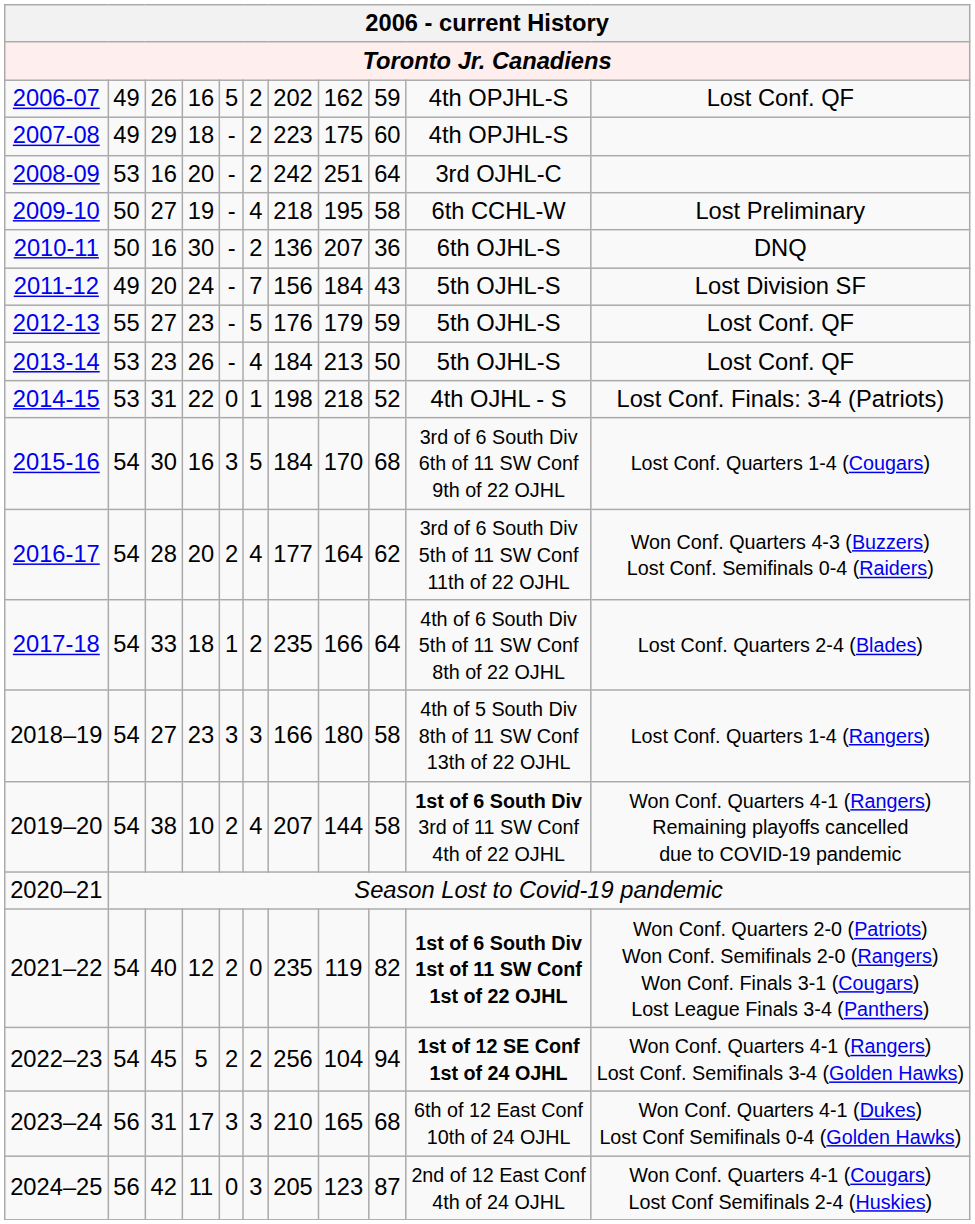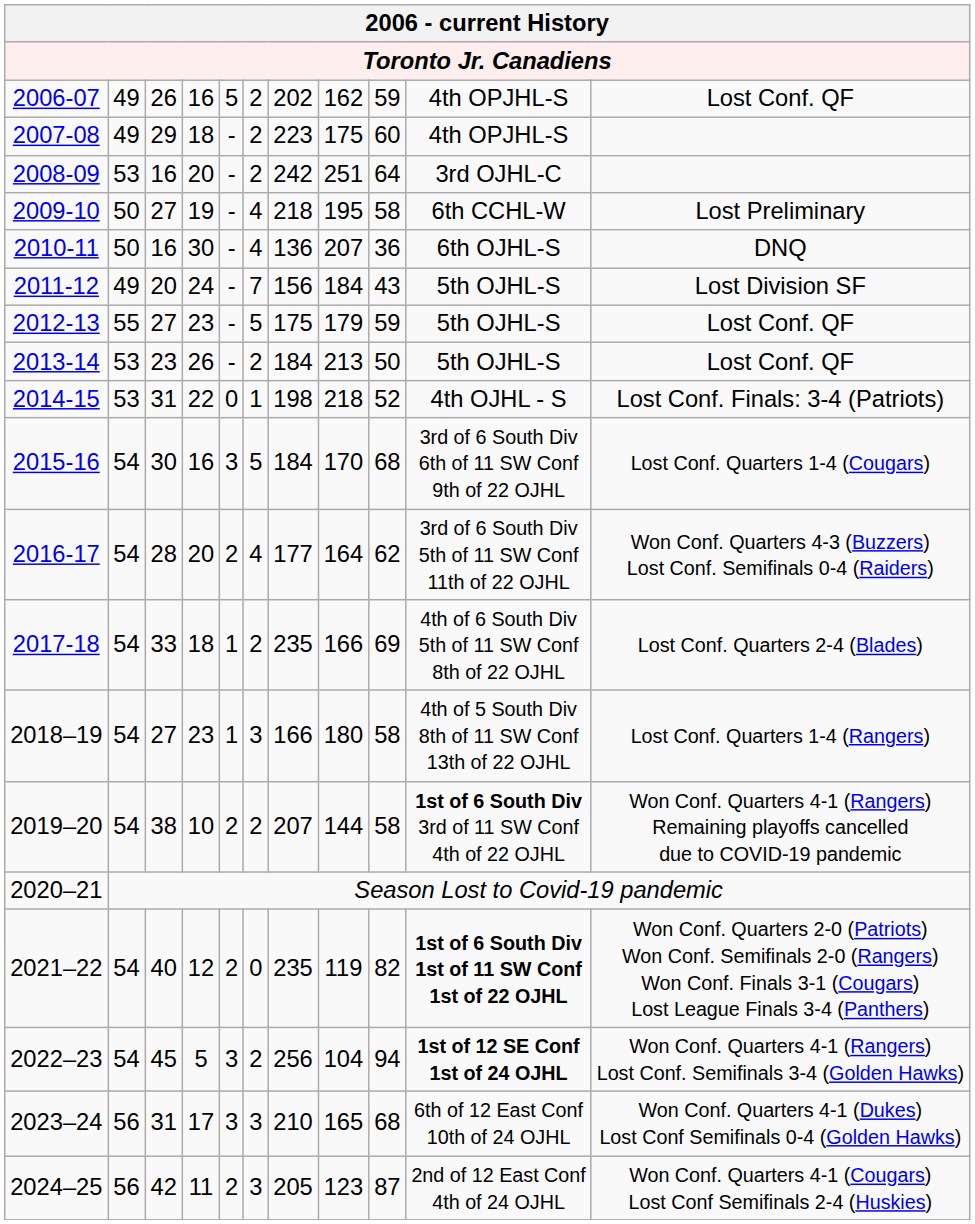 <table class="wikitable " style="text-align:center;">
 <tr>
 <th colspan=12 bgcolor="#822433" text_color=white><strong>2006 - current History</strong></th>
 </tr>
 <tr bgcolor="#ffeeee">
 <td colspan=11><strong><em>Toronto Jr. Canadiens</em></strong></td>
 </tr>
 <tr>
 <td><a href='#'>2006-07</a></td>
 <td>49</td>
 <td>26</td>
 <td>16</td>
 <td>5</td>
 <td>2</td>
 <td>202</td>
 <td>162</td>
 <td>59</td>
 <td>4th OPJHL-S</td>
 <td>Lost Conf. QF</td>
 </tr>
 <tr>
 <td><a href='#'>2007-08</a></td>
 <td>49</td>
 <td>29</td>
 <td>18</td>
 <td>-</td>
 <td>2</td>
 <td>223</td>
 <td>175</td>
 <td>60</td>
 <td>4th OPJHL-S</td>
 <td></td>
 </tr>
 <tr>
 <td><a href='#'>2008-09</a></td>
 <td>53</td>
 <td>16</td>
 <td>20</td>
 <td>-</td>
 <td>2</td>
 <td>242</td>
 <td>251</td>
 <td>64</td>
 <td>3rd OJHL-C</td>
 <td></td>
 </tr>
 <tr>
 <td><a href='#'>2009-10</a></td>
 <td>50</td>
 <td>27</td>
 <td>19</td>
 <td>-</td>
 <td>4</td>
 <td>218</td>
 <td>195</td>
 <td>58</td>
 <td>6th CCHL-W</td>
 <td>Lost Preliminary</td>
 </tr>
 <tr>
 <td><a href='#'>2010-11</a></td>
 <td>50</td>
 <td>16</td>
 <td>30</td>
 <td>-</td>
-<td>2</td>
+<td>4</td>
 <td>136</td>
 <td>207</td>
 <td>36</td>
 <td>6th OJHL-S</td>
 <td>DNQ</td>
 </tr>
 <tr>
 <td><a href='#'>2011-12</a></td>
 <td>49</td>
 <td>20</td>
 <td>24</td>
 <td>-</td>
 <td>7</td>
 <td>156</td>
 <td>184</td>
 <td>43</td>
 <td>5th OJHL-S</td>
 <td>Lost Division SF</td>
 </tr>
 <tr>
 <td><a href='#'>2012-13</a></td>
 <td>55</td>
 <td>27</td>
 <td>23</td>
 <td>-</td>
 <td>5</td>
-<td>176</td>
+<td>175</td>
 <td>179</td>
 <td>59</td>
 <td>5th OJHL-S</td>
 <td>Lost Conf. QF</td>
 </tr>
 <tr>
 <td><a href='#'>2013-14</a></td>
 <td>53</td>
 <td>23</td>
 <td>26</td>
 <td>-</td>
-<td>4</td>
+<td>2</td>
 <td>184</td>
 <td>213</td>
 <td>50</td>
 <td>5th OJHL-S</td>
 <td>Lost Conf. QF</td>
 </tr>
 <tr align="center">
 <td><a href='#'>2014-15</a></td>
 <td>53</td>
 <td>31</td>
 <td>22</td>
 <td>0</td>
 <td>1</td>
 <td>198</td>
 <td>218</td>
 <td>52</td>
 <td>4th OJHL - S</td>
 <td>Lost Conf. Finals: 3-4 (Patriots)</td>
 </tr>
 <tr align="center">
 <td><a href='#'>2015-16</a></td>
 <td>54</td>
 <td>30</td>
 <td>16</td>
 <td>3</td>
 <td>5</td>
 <td>184</td>
 <td>170</td>
 <td>68</td>
 <td><small>3rd of 6 South Div<br>6th of 11 SW Conf<br>9th of 22 OJHL</small></td>
 <td><small>Lost Conf. Quarters 1-4 (<a href='#'>Cougars</a>)</small></td>
 </tr>
 <tr align="center">
 <td><a href='#'>2016-17</a></td>
 <td>54</td>
 <td>28</td>
 <td>20</td>
 <td>2</td>
 <td>4</td>
 <td>177</td>
 <td>164</td>
 <td>62</td>
 <td><small>3rd of 6 South Div<br>5th of 11 SW Conf<br>11th of 22 OJHL</small></td>
 <td><small>Won Conf. Quarters 4-3 (<a href='#'>Buzzers</a>)<br>Lost Conf. Semifinals 0-4 (<a href='#'>Raiders</a>)</small></td>
 </tr>
 <tr align="center">
 <td><a href='#'>2017-18</a></td>
 <td>54</td>
 <td>33</td>
 <td>18</td>
 <td>1</td>
 <td>2</td>
 <td>235</td>
 <td>166</td>
-<td>64</td>
+<td>69</td>
 <td><small>4th of 6 South Div<br>5th of 11 SW Conf<br>8th of 22 OJHL</small></td>
 <td><small>Lost Conf. Quarters 2-4 (<a href='#'>Blades</a>)</small></td>
 </tr>
 <tr align="center">
 <td>2018–19</td>
 <td>54</td>
 <td>27</td>
 <td>23</td>
-<td>3</td>
+<td>1</td>
 <td>3</td>
 <td>166</td>
 <td>180</td>
 <td>58</td>
 <td><small>4th of 5 South Div<br>8th of 11 SW Conf<br>13th of 22 OJHL</small></td>
 <td><small>Lost Conf. Quarters 1-4 (<a href='#'>Rangers</a>)</small></td>
 </tr>
 <tr align="center">
 <td>2019–20</td>
 <td>54</td>
 <td>38</td>
 <td>10</td>
 <td>2</td>
-<td>4</td>
+<td>2</td>
 <td>207</td>
 <td>144</td>
 <td>58</td>
 <td><small><strong>1st of 6 South Div</strong><br>3rd of 11 SW Conf<br>4th of 22 OJHL</small></td>
 <td><small>Won Conf. Quarters 4-1 (<a href='#'>Rangers</a>)<br>Remaining playoffs cancelled<br>due to COVID-19 pandemic</small></td>
 </tr>
 <tr align="center">
 <td>2020–21</td>
 <td colspan=10><em>Season Lost to Covid-19 pandemic</em></td>
 </tr>
 <tr align="center">
 <td>2021–22</td>
 <td>54</td>
 <td>40</td>
 <td>12</td>
 <td>2</td>
 <td>0</td>
 <td>235</td>
 <td>119</td>
 <td>82</td>
 <td><small><strong>1st of 6 South Div<br>1st of 11 SW Conf<br>1st of 22 OJHL</strong></small></td>
 <td><small>Won Conf. Quarters 2-0 (<a href='#'>Patriots</a>)<br>Won Conf. Semifinals 2-0 (<a href='#'>Rangers</a>)<br>Won Conf. Finals 3-1 (<a href='#'>Cougars</a>)<br>Lost League Finals 3-4 (<a href='#'>Panthers</a>)</small></td>
 </tr>
 <tr align="center">
 <td>2022–23</td>
 <td>54</td>
 <td>45</td>
 <td>5</td>
-<td>2</td>
+<td>3</td>
 <td>2</td>
 <td>256</td>
 <td>104</td>
 <td>94</td>
 <td><small><strong>1st of 12 SE Conf<br>1st of 24 OJHL</strong></small></td>
 <td><small>Won Conf. Quarters 4-1 (<a href='#'>Rangers</a>)<br>Lost Conf. Semifinals 3-4 (<a href='#'>Golden Hawks</a>)</small></td>
 </tr>
 <tr align="center">
 <td>2023–24</td>
 <td>56</td>
 <td>31</td>
 <td>17</td>
 <td>3</td>
 <td>3</td>
 <td>210</td>
 <td>165</td>
 <td>68</td>
 <td><small>6th of 12 East Conf<br>10th of 24 OJHL</small></td>
 <td><small>Won Conf. Quarters 4-1 (<a href='#'>Dukes</a>)<br>Lost Conf Semifinals 0-4 (<a href='#'>Golden Hawks</a>)</small></td>
 </tr>
 <tr align="center">
 <td>2024–25</td>
 <td>56</td>
 <td>42</td>
 <td>11</td>
-<td>0</td>
+<td>2</td>
 <td>3</td>
 <td>205</td>
 <td>123</td>
 <td>87</td>
 <td><small>2nd of 12 East Conf<br>4th of 24 OJHL</small></td>
 <td><small>Won Conf. Quarters 4-1 (<a href='#'>Cougars</a>)<br>Lost Conf Semifinals 2-4 (<a href='#'>Huskies</a>)</small></td>
 </tr>
 </table>
